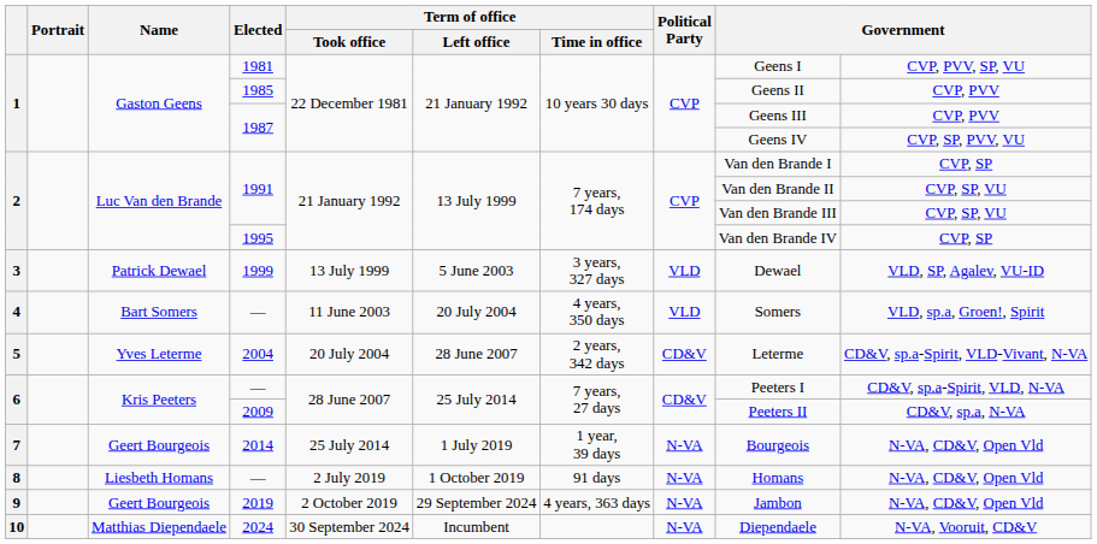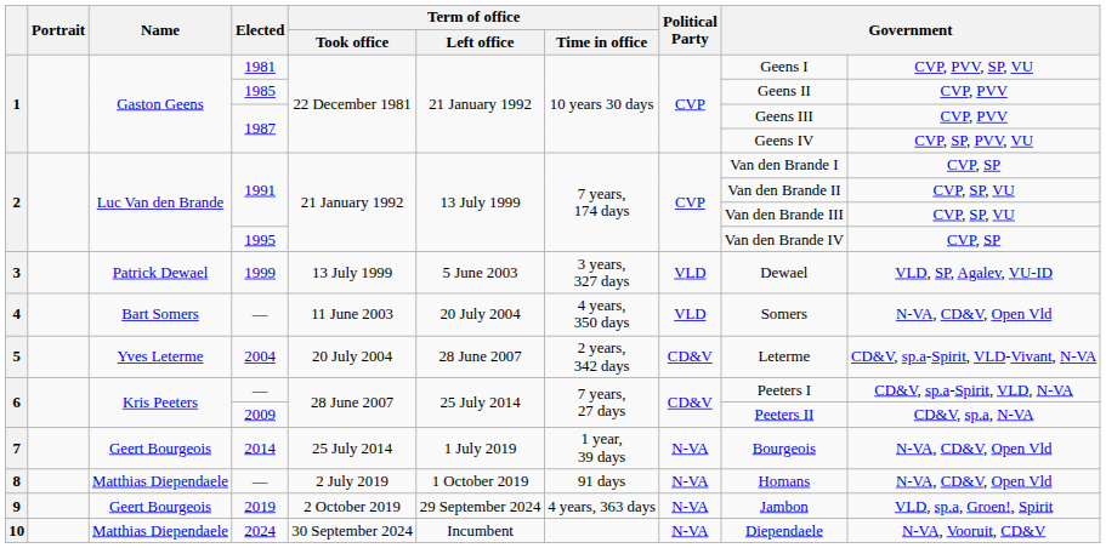 <table class="wikitable" style="text-align:center">
 <tr>
 <th rowspan="2"></th>
 <th rowspan="2">Portrait</th>
 <th rowspan="2">Name<br></th>
 <th rowspan="2">Elected</th>
 <th colspan="3">Term of office</th>
 <th rowspan="2">Political<br>Party</th>
 <th colspan="2" rowspan="2">Government</th>
 </tr>
 <tr>
 <th>Took office</th>
 <th>Left office</th>
 <th>Time in office</th>
 </tr>
 <tr>
 <th rowspan="4" style="background:">1</th>
 <td rowspan="4"></td>
 <td rowspan="4"><a href='#'>Gaston Geens</a><br></td>
 <td><a href='#'>1981</a></td>
 <td rowspan="4">22 December 1981</td>
 <td rowspan="4">21 January 1992</td>
 <td rowspan="4">10 years 30 days</td>
 <td rowspan="4"><a href='#'>CVP</a></td>
 <td>Geens I</td>
 <td><a href='#'>CVP</a>, <a href='#'>PVV</a>, <a href='#'>SP</a>, <a href='#'>VU</a></td>
 </tr>
 <tr>
 <td><a href='#'>1985</a></td>
 <td>Geens II</td>
 <td><a href='#'>CVP</a>, <a href='#'>PVV</a></td>
 </tr>
 <tr>
 <td rowspan=2><a href='#'>1987</a></td>
 <td>Geens III</td>
 <td><a href='#'>CVP</a>, <a href='#'>PVV</a></td>
 </tr>
 <tr>
 <td>Geens IV</td>
 <td><a href='#'>CVP</a>, <a href='#'>SP</a>, <a href='#'>PVV</a>, <a href='#'>VU</a></td>
 </tr>
 <tr>
 <th rowspan=4 style="background:">2</th>
 <td rowspan=4></td>
 <td rowspan=4><a href='#'>Luc Van den Brande</a><br></td>
 <td rowspan="3"><a href='#'>1991</a></td>
 <td rowspan=4>21 January 1992</td>
 <td rowspan=4>13 July 1999</td>
 <td rowspan="4">7 years,<br>174 days</td>
 <td rowspan=4><a href='#'>CVP</a></td>
 <td>Van den Brande I</td>
 <td><a href='#'>CVP</a>, <a href='#'>SP</a></td>
 </tr>
 <tr>
 <td>Van den Brande II</td>
 <td><a href='#'>CVP</a>, <a href='#'>SP</a>, <a href='#'>VU</a></td>
 </tr>
 <tr>
 <td>Van den Brande III</td>
 <td><a href='#'>CVP</a>, <a href='#'>SP</a>, <a href='#'>VU</a></td>
 </tr>
 <tr>
 <td><a href='#'>1995</a></td>
 <td>Van den Brande IV</td>
 <td><a href='#'>CVP</a>, <a href='#'>SP</a></td>
 </tr>
 <tr>
 <th style="background:">3</th>
 <td></td>
 <td><a href='#'>Patrick Dewael</a><br></td>
 <td><a href='#'>1999</a></td>
 <td>13 July 1999</td>
 <td>5 June 2003</td>
 <td>3 years,<br>327 days</td>
 <td><a href='#'>VLD</a></td>
 <td>Dewael</td>
 <td><a href='#'>VLD</a>, <a href='#'>SP</a>, <a href='#'>Agalev</a>, <a href='#'>VU-ID</a></td>
 </tr>
 <tr>
 <th style="background:">4</th>
 <td></td>
 <td><a href='#'>Bart Somers</a><br></td>
 <td>—</td>
 <td>11 June 2003</td>
 <td>20 July 2004</td>
 <td>4 years,<br>350 days</td>
 <td><a href='#'>VLD</a></td>
 <td>Somers</td>
-<td><a href='#'>VLD</a>, <a href='#'>sp.a</a>, <a href='#'>Groen!</a>, <a href='#'>Spirit</a></td>
+<td><a href='#'>N-VA</a>, <a href='#'>CD&V</a>, <a href='#'>Open Vld</a></td>
 </tr>
 <tr>
 <th style="background:">5</th>
 <td></td>
 <td><a href='#'>Yves Leterme</a><br></td>
 <td><a href='#'>2004</a></td>
 <td>20 July 2004</td>
 <td>28 June 2007</td>
 <td>2 years,<br>342 days</td>
 <td><a href='#'>CD&V</a></td>
 <td>Leterme</td>
 <td><a href='#'>CD&V</a>, <a href='#'>sp.a</a>-<a href='#'>Spirit</a>, <a href='#'>VLD</a>-<a href='#'>Vivant</a>, <a href='#'>N-VA</a></td>
 </tr>
 <tr>
 <th rowspan=2 style="background:">6</th>
 <td rowspan=2></td>
 <td rowspan=2><a href='#'>Kris Peeters</a><br></td>
 <td>—</td>
 <td rowspan=2>28 June 2007</td>
 <td rowspan=2>25 July 2014</td>
 <td rowspan="2">7 years,<br>27 days</td>
 <td rowspan=2><a href='#'>CD&V</a></td>
 <td>Peeters I</td>
 <td><a href='#'>CD&V</a>, <a href='#'>sp.a</a>-<a href='#'>Spirit</a>, <a href='#'>VLD</a>, <a href='#'>N-VA</a></td>
 </tr>
 <tr>
 <td><a href='#'>2009</a></td>
 <td><a href='#'>Peeters II</a></td>
 <td><a href='#'>CD&V</a>, <a href='#'>sp.a</a>, <a href='#'>N-VA</a></td>
 </tr>
 <tr>
 <th style="background:">7</th>
 <td></td>
 <td><a href='#'>Geert Bourgeois</a><br></td>
 <td><a href='#'>2014</a></td>
 <td>25 July 2014</td>
 <td>1 July 2019</td>
 <td>1 year,<br>39 days</td>
 <td><a href='#'>N-VA</a></td>
 <td><a href='#'>Bourgeois</a></td>
 <td><a href='#'>N-VA</a>, <a href='#'>CD&V</a>, <a href='#'>Open Vld</a></td>
 </tr>
 <tr>
 <th style="background:">8</th>
 <td></td>
-<td><a href='#'>Liesbeth Homans</a><br></td>
+<td><a href='#'>Matthias Diependaele</a><br></td>
 <td>—</td>
 <td>2 July 2019</td>
 <td>1 October 2019</td>
 <td>91 days</td>
 <td><a href='#'>N-VA</a></td>
 <td><a href='#'>Homans</a></td>
 <td><a href='#'>N-VA</a>, <a href='#'>CD&V</a>, <a href='#'>Open Vld</a></td>
 </tr>
 <tr>
 <th style="background:">9</th>
 <td></td>
 <td><a href='#'>Geert Bourgeois</a><br></td>
 <td><a href='#'>2019</a></td>
 <td>2 October 2019</td>
 <td>29 September 2024</td>
 <td>4 years, 363 days</td>
 <td><a href='#'>N-VA</a></td>
 <td><a href='#'>Jambon</a></td>
-<td><a href='#'>N-VA</a>, <a href='#'>CD&V</a>, <a href='#'>Open Vld</a></td>
+<td><a href='#'>VLD</a>, <a href='#'>sp.a</a>, <a href='#'>Groen!</a>, <a href='#'>Spirit</a></td>
 </tr>
 <tr>
 <th style="background:">10</th>
 <td></td>
 <td><a href='#'>Matthias Diependaele</a><br></td>
 <td><a href='#'>2024</a></td>
 <td>30 September 2024</td>
 <td>Incumbent</td>
 <td></td>
 <td><a href='#'>N-VA</a></td>
 <td><a href='#'>Diependaele</a></td>
 <td><a href='#'>N-VA</a>, <a href='#'>Vooruit</a>, <a href='#'>CD&V</a></td>
 </tr>
 </table>
